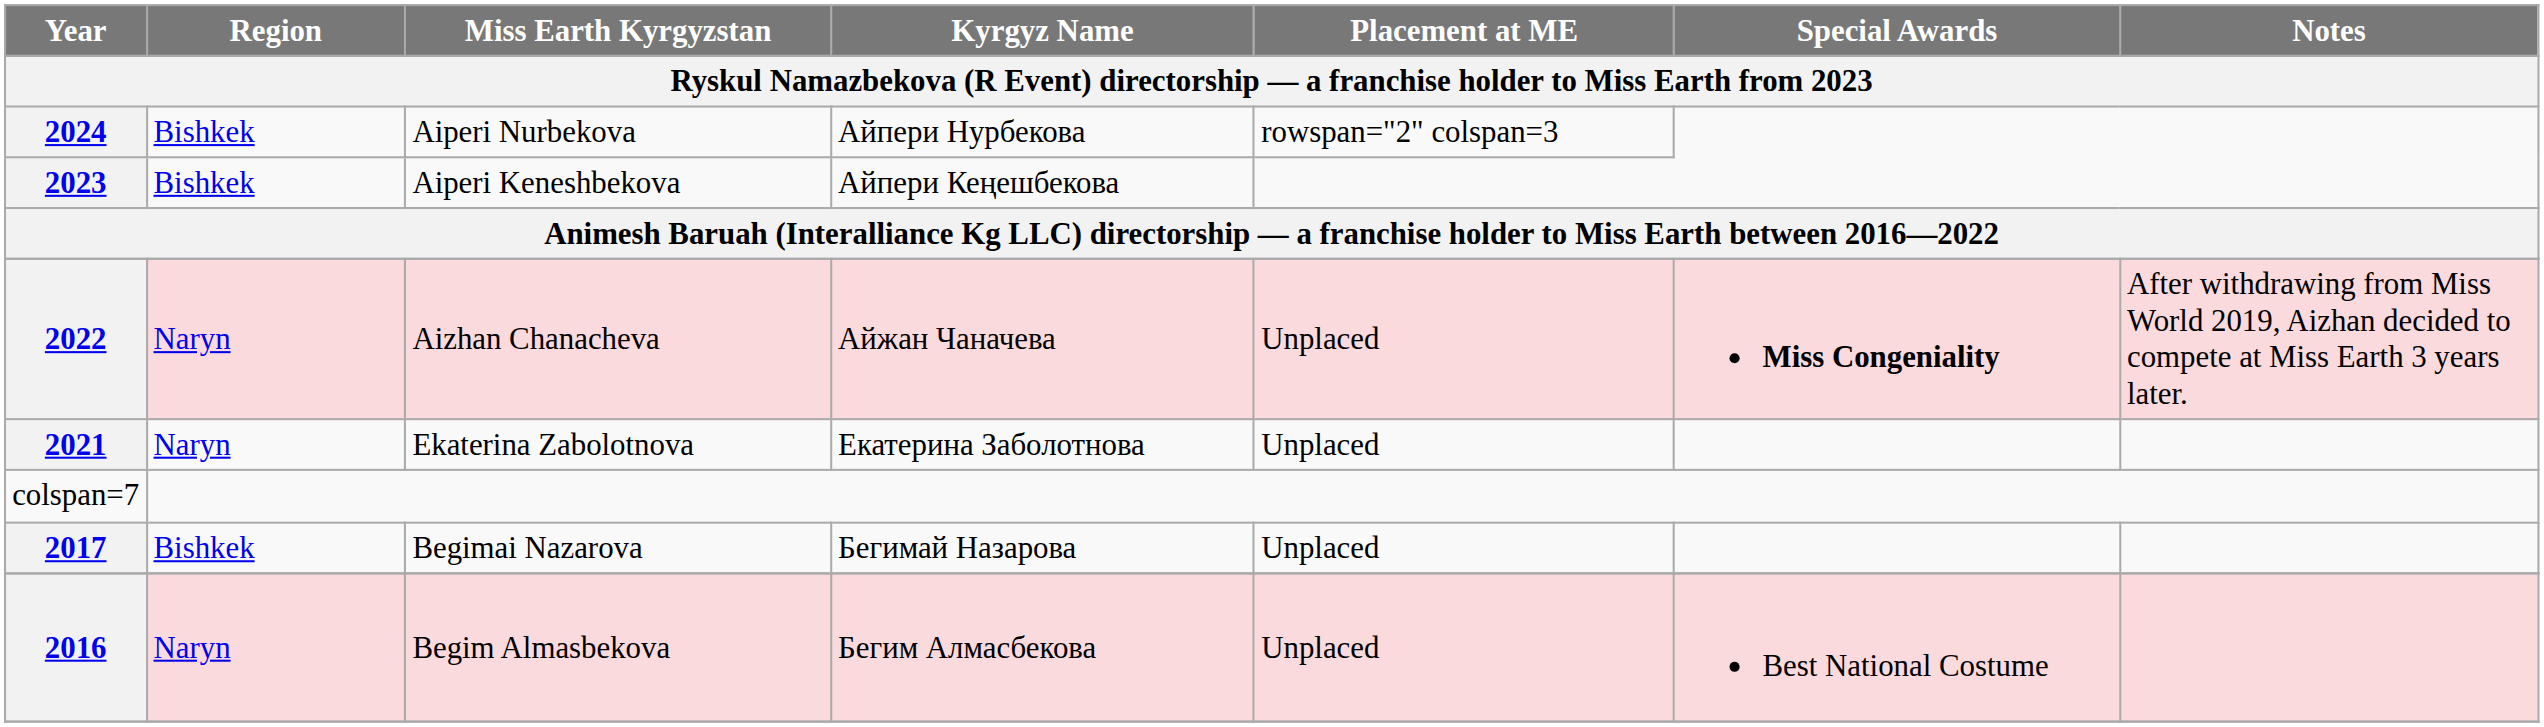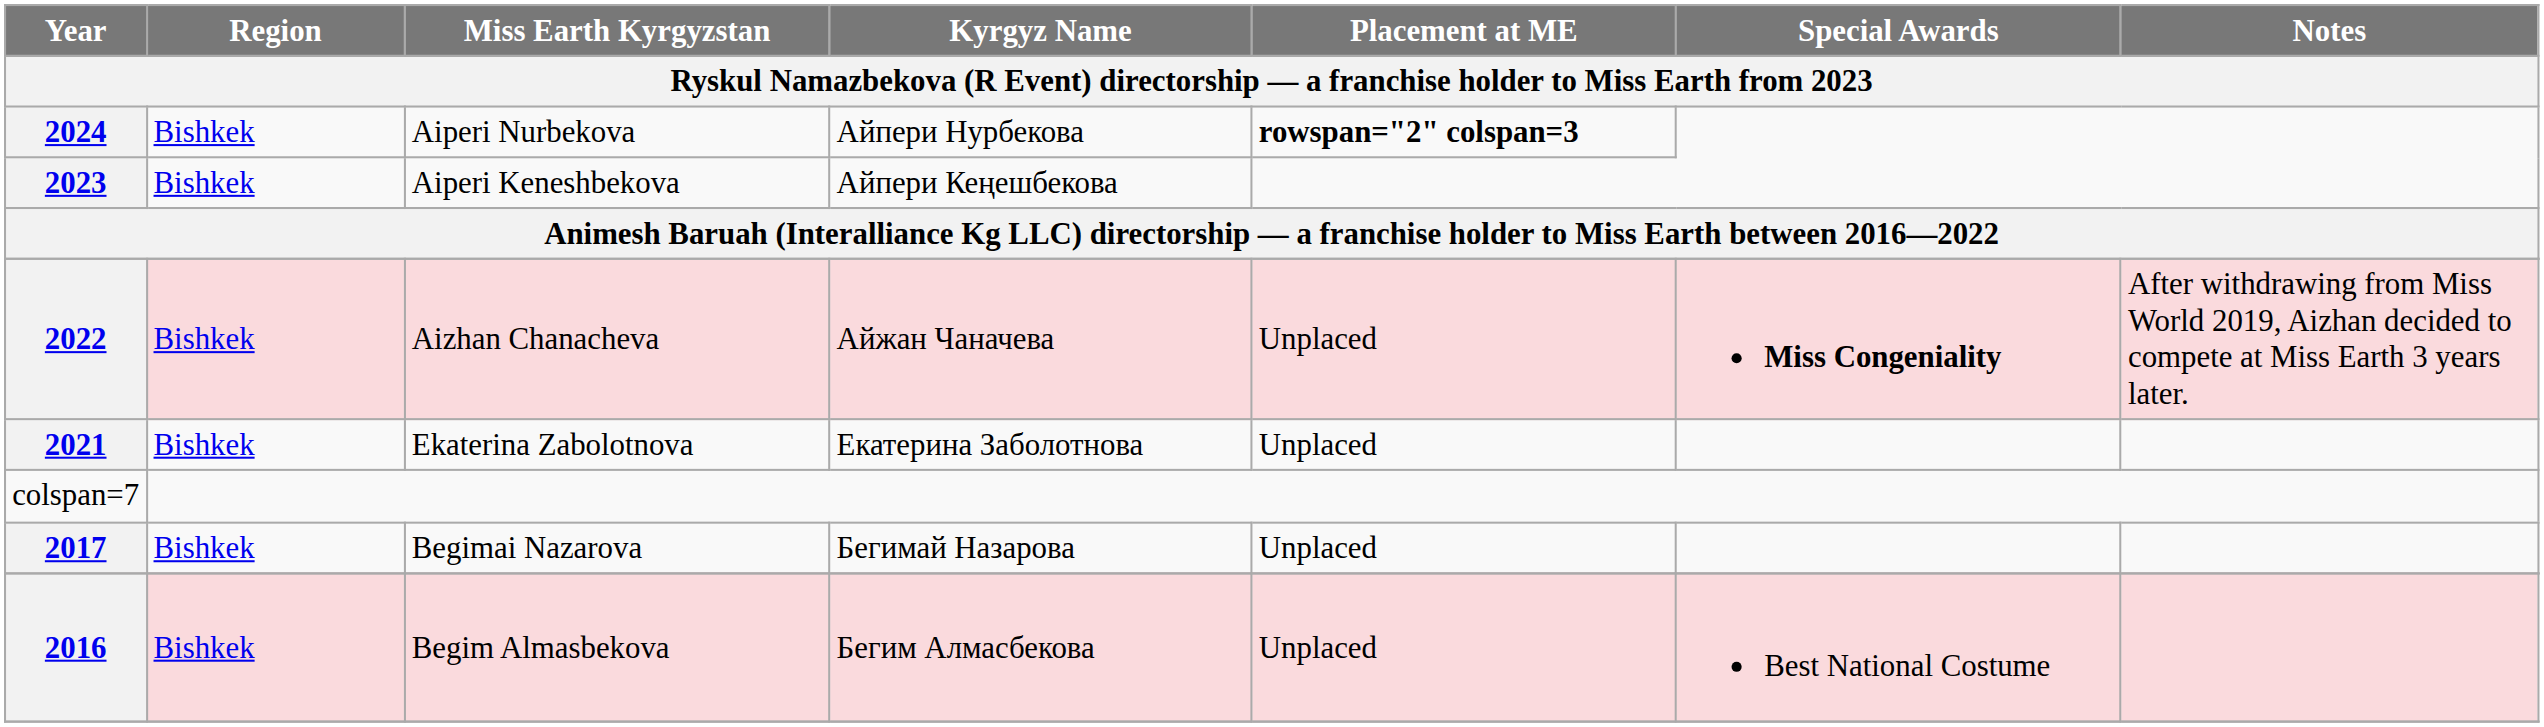 <table class="wikitable " style="font-size: 95%;">
 <tr>
 <th width="60" style="background-color:#787878;color:#FFFFFF;">Year</th>
 <th width="150" style="background-color:#787878;color:#FFFFFF;">Region</th>
 <th width="250" style="background-color:#787878;color:#FFFFFF;">Miss Earth Kyrgyzstan</th>
 <th width="250" style="background-color:#787878;color:#FFFFFF;">Kyrgyz Name</th>
 <th width="250" style="background-color:#787878;color:#FFFFFF;">Placement at ME</th>
 <th width="250" style="background-color:#787878;color:#FFFFFF;">Special Awards</th>
 <th width="250" style="background-color:#787878;color:#FFFFFF;">Notes</th>
 </tr>
 <tr>
 <th colspan="7">Ryskul Namazbekova (R Event) directorship — a franchise holder to Miss Earth from 2023</th>
 </tr>
 <tr>
 <th><a href='#'>2024</a></th>
 <td><a href='#'>Bishkek</a></td>
 <td>Aiperi Nurbekova</td>
 <td>Айпери Нурбекова</td>
-<td>rowspan="2" colspan=3 </td>
+<td><strong>rowspan="2" colspan=3 </strong></td>
 </tr>
 <tr>
 <th><a href='#'>2023</a></th>
 <td><a href='#'>Bishkek</a></td>
 <td>Aiperi Keneshbekova</td>
 <td>Айпери Кеңешбекова</td>
 </tr>
 <tr>
 <th colspan="7">Animesh Baruah (Interalliance Kg LLC) directorship — a franchise holder to Miss Earth between 2016―2022</th>
 </tr>
 <tr>
 </tr>
 <tr style="background-color:#FADADD; ">
 <th><a href='#'>2022</a></th>
-<td><a href='#'>Naryn</a></td>
+<td><a href='#'>Bishkek</a></td>
 <td>Aizhan Chanacheva</td>
 <td>Айжан Чаначева</td>
 <td>Unplaced</td>
 <td align="left"><strong><br><ul><li>Miss Congeniality</li></ul></strong></td>
 <td>After withdrawing from Miss World 2019, Aizhan decided to compete at Miss Earth 3 years later.</td>
 </tr>
 <tr>
 <th><a href='#'>2021</a></th>
-<td><a href='#'>Naryn</a></td>
+<td><a href='#'>Bishkek</a></td>
 <td>Ekaterina Zabolotnova</td>
 <td>Екатерина Заболотнова</td>
 <td>Unplaced</td>
 <td></td>
 <td></td>
 </tr>
 <tr>
 <td>colspan=7 </td>
 </tr>
 <tr>
 <th><a href='#'>2017</a></th>
 <td><a href='#'>Bishkek</a></td>
 <td>Begimai Nazarova</td>
 <td>Бегимай Назарова</td>
 <td>Unplaced</td>
 <td></td>
 <td></td>
 </tr>
 <tr>
 </tr>
 <tr style="background-color:#FADADD; ">
 <th><a href='#'>2016</a></th>
-<td><a href='#'>Naryn</a></td>
+<td><a href='#'>Bishkek</a></td>
 <td>Begim Almasbekova</td>
 <td>Бегим Алмасбекова</td>
 <td>Unplaced</td>
 <td align="left"><br><ul><li>Best National Costume</li></ul></td>
 <td></td>
 </tr>
 <tr>
 </tr>
 </table>
